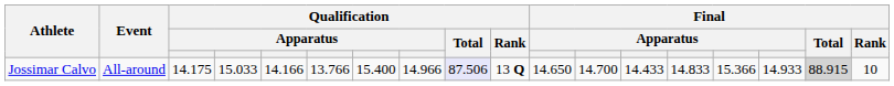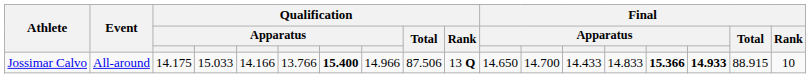 <table class="wikitable" style="font-size:90%">
 <tr>
 <th rowspan=3>Athlete</th>
 <th rowspan=3>Event</th>
 <th colspan =8>Qualification</th>
 <th colspan =8>Final</th>
 </tr>
 <tr style="font-size:95%">
 <th colspan=6>Apparatus</th>
 <th rowspan=2>Total</th>
 <th rowspan=2>Rank</th>
 <th colspan=6>Apparatus</th>
 <th rowspan=2>Total</th>
 <th rowspan=2>Rank</th>
 </tr>
 <tr style="font-size:95%">
 <th></th>
 <th></th>
 <th></th>
 <th></th>
 <th></th>
 <th></th>
 <th></th>
 <th></th>
 <th></th>
 <th></th>
 <th></th>
 <th></th>
 </tr>
 <tr align=center>
 <td align=left><a href='#'>Jossimar Calvo</a></td>
 <td align=left><a href='#'>All-around</a></td>
 <td>14.175</td>
 <td>15.033</td>
 <td>14.166</td>
 <td>13.766</td>
-<td>15.400</td>
+<td><strong>15.400</strong></td>
 <td>14.966</td>
-<td style="background: lavender;">87.506</td>
+<td>87.506</td>
 <td>13 <strong>Q</strong></td>
 <td>14.650</td>
 <td>14.700</td>
 <td>14.433</td>
 <td>14.833</td>
-<td>15.366</td>
-<td>14.933</td>
-<td style="background: lightgrey;">88.915</td>
+<td><strong>15.366</strong></td>
+<td><strong>14.933</strong></td>
+<td>88.915</td>
 <td>10</td>
 </tr>
 </table>
